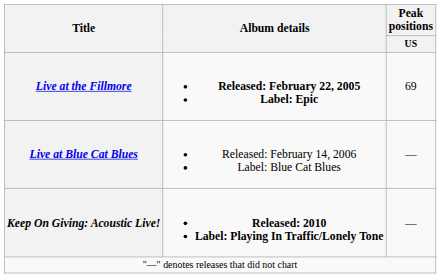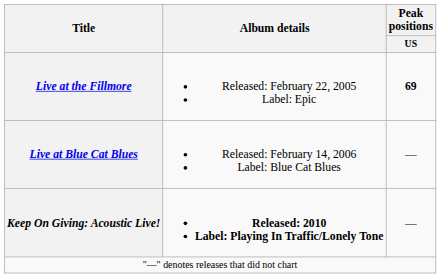 <table class="wikitable plainrowheaders" style="text-align:center;">
 <tr>
 <th rowspan="2">Title</th>
 <th rowspan="2">Album details</th>
 <th>Peak positions</th>
 </tr>
 <tr style="font-size:smaller;">
 <th style="width:50px;">US</th>
 </tr>
 <tr>
 <th scope="row"><em><a href='#'>Live at the Fillmore</a></em></th>
-<td><strong><br><ul><li>Released: February 22, 2005</li><li>Label: Epic</li></ul></strong></td>
-<td>69</td>
+<td><br><ul><li>Released: February 22, 2005</li><li>Label: Epic</li></ul></td>
+<td><strong>69</strong></td>
 </tr>
 <tr>
 <th scope="row"><em><a href='#'>Live at Blue Cat Blues</a></em></th>
 <td><br><ul><li>Released: February 14, 2006</li><li>Label: Blue Cat Blues</li></ul></td>
 <td>—</td>
 </tr>
 <tr>
 <th scope="row"><em>Keep On Giving: Acoustic Live!</em></th>
 <td><strong><br><ul><li>Released: 2010</li><li>Label: Playing In Traffic/Lonely Tone</li></ul></strong></td>
 <td>—</td>
 </tr>
 <tr>
 <td colspan="10" style="font-size:85%">"—" denotes releases that did not chart</td>
 </tr>
 </table>
